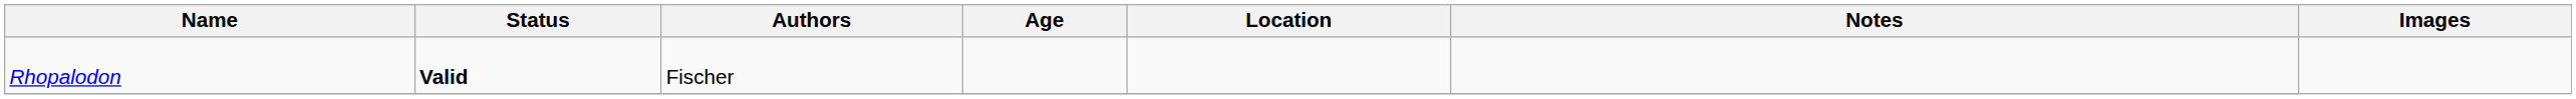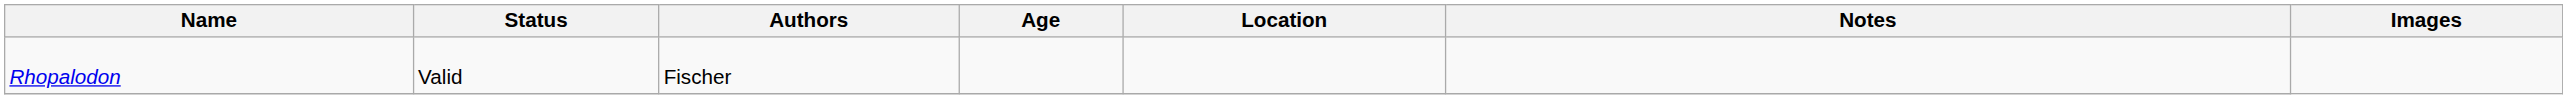 <table class="wikitable sortable" align="center" width="100%">
 <tr>
 <th>Name</th>
 <th>Status</th>
 <th>Authors</th>
 <th>Age</th>
 <th>Location</th>
 <th width="33%" class="unsortable">Notes</th>
 <th class="unsortable">Images</th>
 </tr>
 <tr>
 <td><br><em><a href='#'>Rhopalodon</a></em></td>
-<td><strong><br>Valid</strong></td>
+<td><br>Valid</td>
 <td><br>Fischer </td>
 <td></td>
 <td></td>
 <td><br></td>
 <td rowspan="99"><br></td>
 </tr>
 <tr>
 </tr>
 </table>
